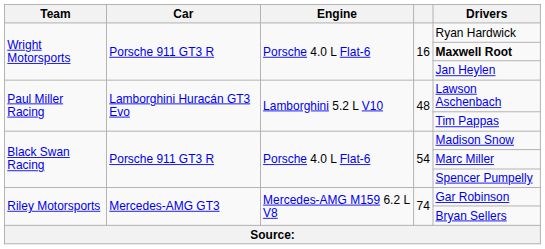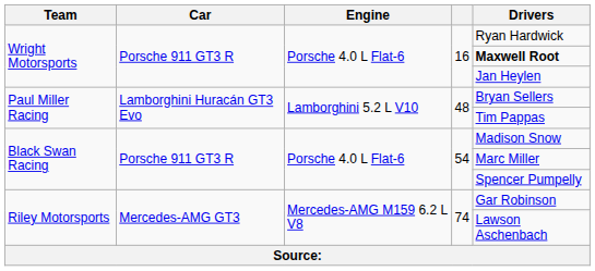 <table class="wikitable" style="font-size: 85%">
 <tr>
 <th>Team</th>
 <th>Car</th>
 <th>Engine</th>
 <th></th>
 <th>Drivers</th>
 </tr>
 <tr>
 <td rowspan=3> <a href='#'>Wright Motorsports</a></td>
 <td rowspan=3><a href='#'>Porsche 911 GT3 R</a></td>
 <td rowspan=3><a href='#'>Porsche</a> 4.0 L <a href='#'>Flat-6</a></td>
 <td rowspan=3 align="center">16</td>
 <td> Ryan Hardwick</td>
 </tr>
 <tr>
 <td><strong> Maxwell Root</strong></td>
 </tr>
 <tr>
 <td> <a href='#'>Jan Heylen</a></td>
 </tr>
 <tr>
 <td rowspan="2"> <a href='#'>Paul Miller Racing</a></td>
 <td rowspan="2"><a href='#'>Lamborghini Huracán GT3 Evo</a></td>
 <td rowspan="2"><a href='#'>Lamborghini</a> 5.2 L <a href='#'>V10</a></td>
 <td rowspan="2" align="center">48</td>
-<td> <a href='#'>Lawson Aschenbach</a></td>
+<td> <a href='#'>Bryan Sellers</a></td>
 </tr>
 <tr>
 <td> <a href='#'>Tim Pappas</a></td>
 </tr>
 <tr>
 <td rowspan="3"> <a href='#'>Black Swan Racing</a></td>
 <td rowspan="3"><a href='#'>Porsche 911 GT3 R</a></td>
 <td rowspan="3"><a href='#'>Porsche</a> 4.0 L <a href='#'>Flat-6</a></td>
 <td rowspan="3" align="center">54</td>
 <td> <a href='#'>Madison Snow</a></td>
 </tr>
 <tr>
 <td> <a href='#'>Marc Miller</a></td>
 </tr>
 <tr>
 <td> <a href='#'>Spencer Pumpelly</a></td>
 </tr>
 <tr>
 <td rowspan="2"> <a href='#'>Riley Motorsports</a></td>
 <td rowspan="2"><a href='#'>Mercedes-AMG GT3</a></td>
 <td rowspan="2"><a href='#'>Mercedes-AMG M159</a> 6.2 L <a href='#'>V8</a></td>
 <td rowspan="2" align="center">74</td>
 <td> <a href='#'>Gar Robinson</a></td>
 </tr>
 <tr>
-<td> <a href='#'>Bryan Sellers</a></td>
+<td> <a href='#'>Lawson Aschenbach</a></td>
 </tr>
 <tr>
 <th colspan="5">Source:</th>
 </tr>
 </table>
